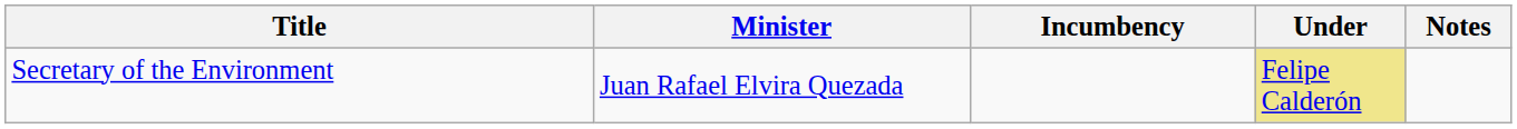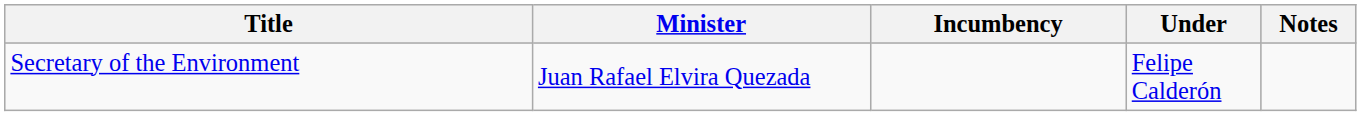 <table class="wikitable" style="width:100%;">
 <tr>
 <th>Title</th>
 <th style="width:25%;"><a href='#'>Minister</a></th>
 <th style="width:160px;">Incumbency</th>
 <th style="width:10%;">Under</th>
 <th style="width:7%;">Notes</th>
 </tr>
 <tr>
 <td rowspan="2" style="vertical-align:top;"><a href='#'>Secretary of the Environment</a></td>
 <td><a href='#'>Juan Rafael Elvira Quezada</a></td>
 <td></td>
-<td style="background: khaki;"><a href='#'>Felipe Calderón</a></td>
+<td><a href='#'>Felipe Calderón</a></td>
 <td></td>
 </tr>
 </table>
